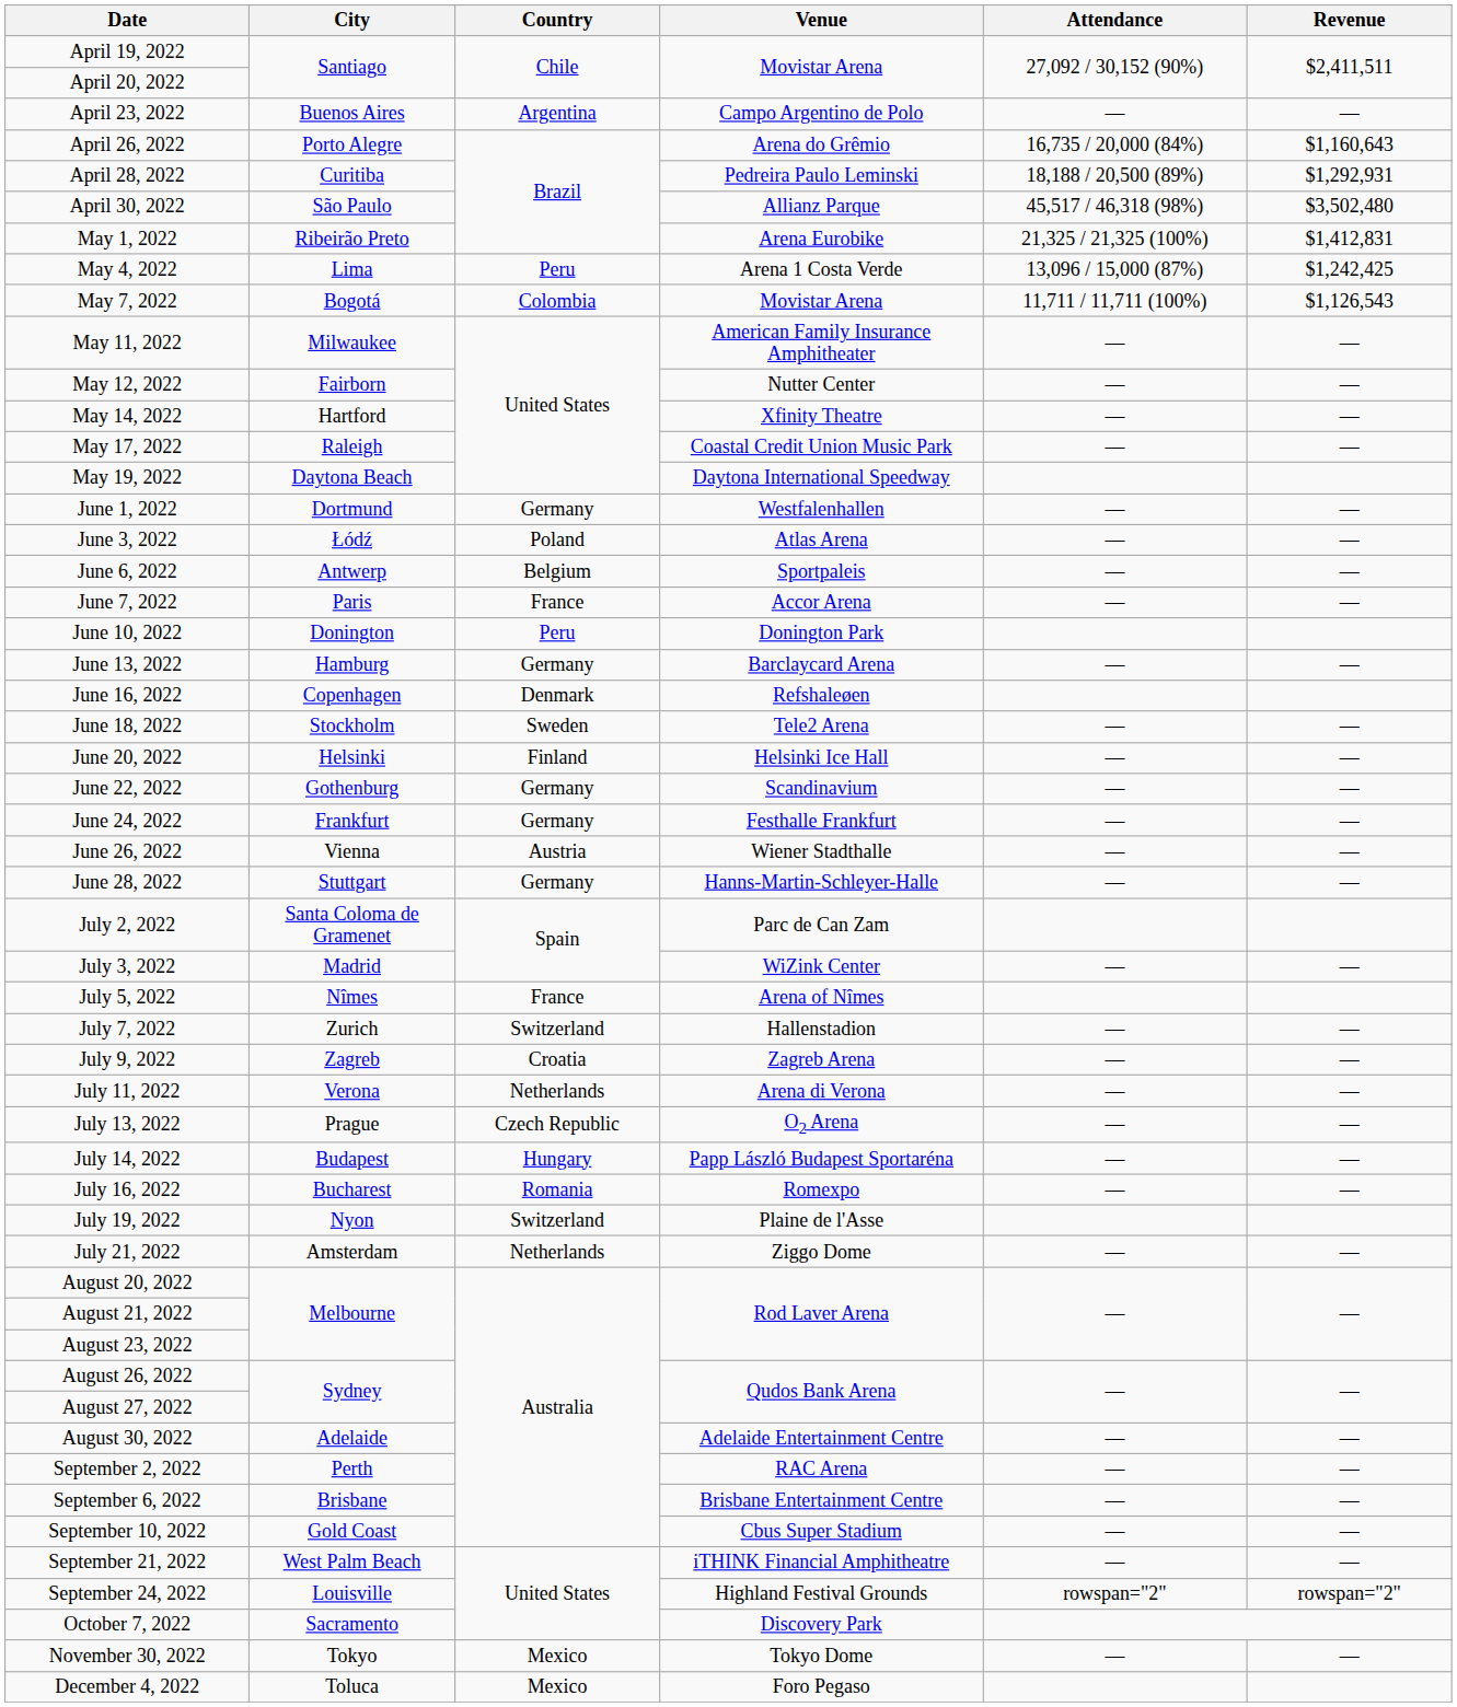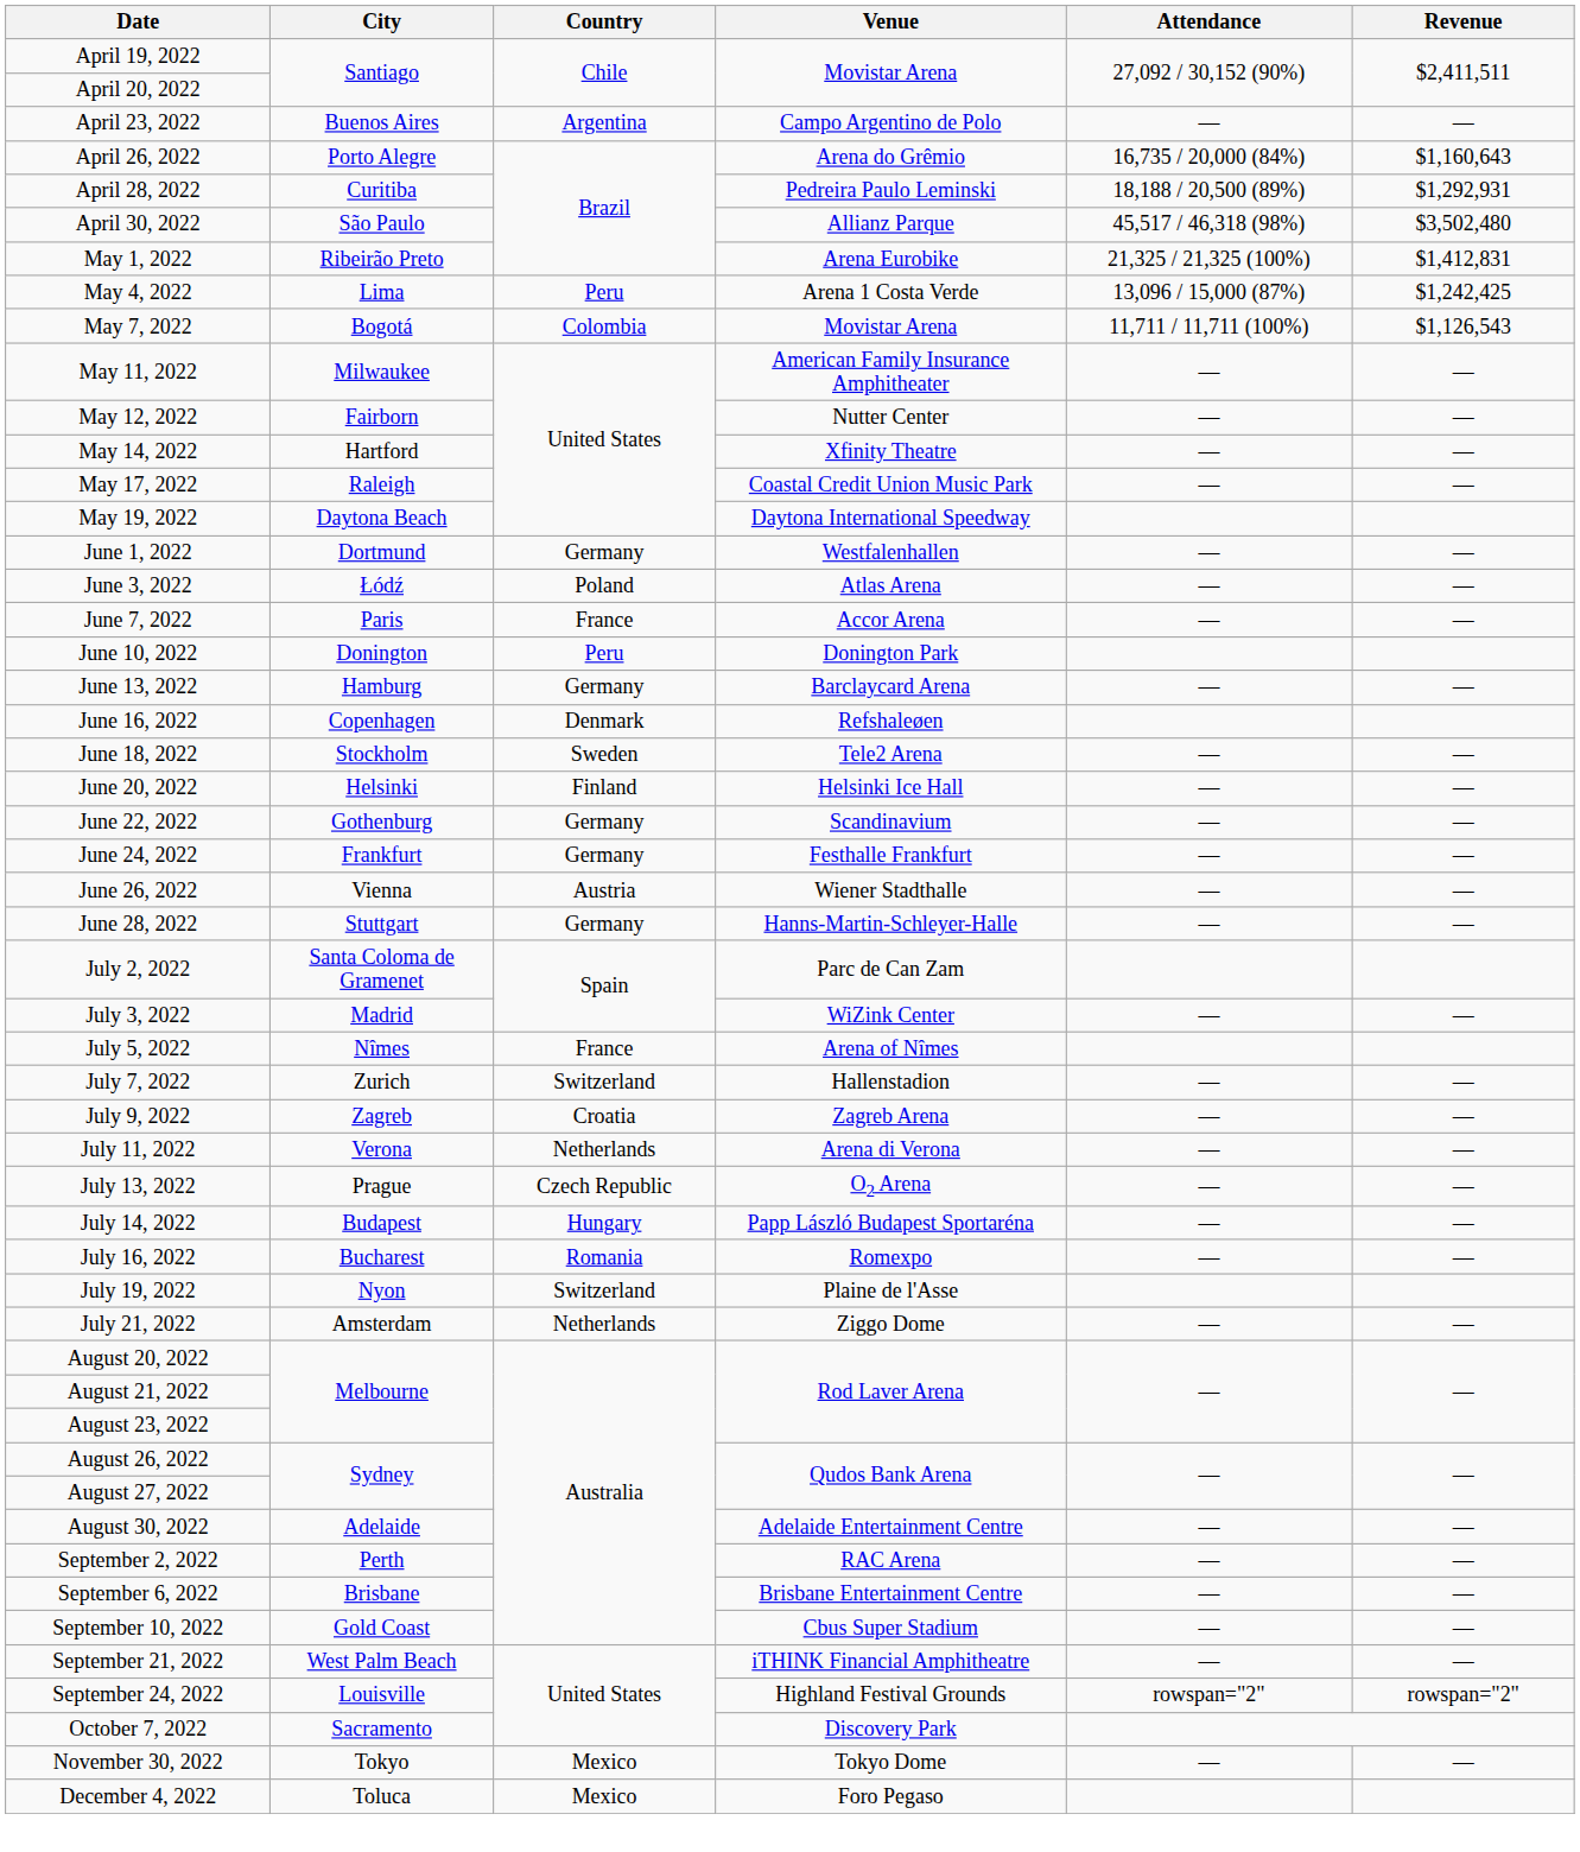 <table class="wikitable plainrowheaders" style="text-align:center;">
 <tr>
 <th scope="col" style="width:12em;">Date</th>
 <th scope="col" style="width:10em;">City</th>
 <th scope="col" style="width:10em;">Country</th>
 <th scope="col" style="width:16em;">Venue</th>
 <th scope="col" style="width:13em;">Attendance</th>
 <th scope="col" style="width:10em;">Revenue</th>
 </tr>
 <tr>
 <td>April 19, 2022</td>
 <td rowspan="2"><a href='#'>Santiago</a></td>
 <td rowspan="2"><a href='#'>Chile</a></td>
 <td rowspan="2"><a href='#'>Movistar Arena</a></td>
 <td rowspan="2">27,092 / 30,152 (90%)</td>
 <td rowspan="2">$2,411,511</td>
 </tr>
 <tr>
 <td>April 20, 2022</td>
 </tr>
 <tr>
 <td>April 23, 2022</td>
 <td><a href='#'>Buenos Aires</a></td>
 <td><a href='#'>Argentina</a></td>
 <td><a href='#'>Campo Argentino de Polo</a></td>
 <td>—</td>
 <td>—</td>
 </tr>
 <tr>
 <td>April 26, 2022</td>
 <td><a href='#'>Porto Alegre</a></td>
 <td rowspan="4"><a href='#'>Brazil</a></td>
 <td><a href='#'>Arena do Grêmio</a></td>
 <td>16,735 / 20,000 (84%)</td>
 <td>$1,160,643</td>
 </tr>
 <tr>
 <td>April 28, 2022</td>
 <td><a href='#'>Curitiba</a></td>
 <td><a href='#'>Pedreira Paulo Leminski</a></td>
 <td>18,188 / 20,500 (89%)</td>
 <td>$1,292,931</td>
 </tr>
 <tr>
 <td>April 30, 2022</td>
 <td><a href='#'>São Paulo</a></td>
 <td><a href='#'>Allianz Parque</a></td>
 <td>45,517 / 46,318 (98%)</td>
 <td>$3,502,480</td>
 </tr>
 <tr>
 <td>May 1, 2022</td>
 <td><a href='#'>Ribeirão Preto</a></td>
 <td><a href='#'>Arena Eurobike</a></td>
 <td>21,325 / 21,325 (100%)</td>
 <td>$1,412,831</td>
 </tr>
 <tr>
 <td>May 4, 2022</td>
 <td><a href='#'>Lima</a></td>
 <td><a href='#'>Peru</a></td>
 <td>Arena 1 Costa Verde</td>
 <td>13,096 / 15,000 (87%)</td>
 <td>$1,242,425</td>
 </tr>
 <tr>
 <td>May 7, 2022</td>
 <td><a href='#'>Bogotá</a></td>
 <td><a href='#'>Colombia</a></td>
 <td><a href='#'>Movistar Arena</a></td>
 <td>11,711 / 11,711 (100%)</td>
 <td>$1,126,543</td>
 </tr>
 <tr>
 <td>May 11, 2022</td>
 <td><a href='#'>Milwaukee</a></td>
 <td rowspan="5">United States</td>
 <td><a href='#'>American Family Insurance Amphitheater</a></td>
 <td>—</td>
 <td>—</td>
 </tr>
 <tr>
 <td>May 12, 2022</td>
 <td><a href='#'>Fairborn</a></td>
 <td>Nutter Center</td>
 <td>—</td>
 <td>—</td>
 </tr>
 <tr>
 <td>May 14, 2022</td>
 <td>Hartford</td>
 <td><a href='#'>Xfinity Theatre</a></td>
 <td>—</td>
 <td>—</td>
 </tr>
 <tr>
 <td>May 17, 2022</td>
 <td><a href='#'>Raleigh</a></td>
 <td><a href='#'>Coastal Credit Union Music Park</a></td>
 <td>—</td>
 <td>—</td>
 </tr>
 <tr>
 <td>May 19, 2022 </td>
 <td><a href='#'>Daytona Beach</a></td>
 <td><a href='#'>Daytona International Speedway</a></td>
 <td></td>
 <td></td>
 </tr>
 <tr>
 <td>June 1, 2022</td>
 <td><a href='#'>Dortmund</a></td>
 <td>Germany</td>
 <td><a href='#'>Westfalenhallen</a></td>
 <td>—</td>
 <td>—</td>
 </tr>
 <tr>
 <td>June 3, 2022</td>
 <td><a href='#'>Łódź</a></td>
 <td>Poland</td>
 <td><a href='#'>Atlas Arena</a></td>
-<td>—</td>
-<td>—</td>
-</tr>
-<tr>
-<td>June 6, 2022</td>
-<td><a href='#'>Antwerp</a></td>
-<td>Belgium</td>
-<td><a href='#'>Sportpaleis</a></td>
 <td>—</td>
 <td>—</td>
 </tr>
 <tr>
 <td>June 7, 2022</td>
 <td><a href='#'>Paris</a></td>
 <td>France</td>
 <td><a href='#'>Accor Arena</a></td>
 <td>—</td>
 <td>—</td>
 </tr>
 <tr>
 <td>June 10, 2022 </td>
 <td><a href='#'>Donington</a></td>
 <td><a href='#'>Peru</a></td>
 <td><a href='#'>Donington Park</a></td>
 <td></td>
 <td></td>
 </tr>
 <tr>
 <td>June 13, 2022</td>
 <td><a href='#'>Hamburg</a></td>
 <td>Germany</td>
 <td><a href='#'>Barclaycard Arena</a></td>
 <td>—</td>
 <td>—</td>
 </tr>
 <tr>
 <td>June 16, 2022 </td>
 <td><a href='#'>Copenhagen</a></td>
 <td>Denmark</td>
 <td><a href='#'>Refshaleøen</a></td>
 <td></td>
 <td></td>
 </tr>
 <tr>
 <td>June 18, 2022</td>
 <td><a href='#'>Stockholm</a></td>
 <td>Sweden</td>
 <td><a href='#'>Tele2 Arena</a></td>
 <td>—</td>
 <td>—</td>
 </tr>
 <tr>
 <td>June 20, 2022</td>
 <td><a href='#'>Helsinki</a></td>
 <td>Finland</td>
 <td><a href='#'>Helsinki Ice Hall</a></td>
 <td>—</td>
 <td>—</td>
 </tr>
 <tr>
 <td>June 22, 2022</td>
 <td><a href='#'>Gothenburg</a></td>
 <td>Germany</td>
 <td><a href='#'>Scandinavium</a></td>
 <td>—</td>
 <td>—</td>
 </tr>
 <tr>
 <td>June 24, 2022</td>
 <td><a href='#'>Frankfurt</a></td>
 <td>Germany</td>
 <td><a href='#'>Festhalle Frankfurt</a></td>
 <td>—</td>
 <td>—</td>
 </tr>
 <tr>
 <td>June 26, 2022</td>
 <td>Vienna</td>
 <td>Austria</td>
 <td>Wiener Stadthalle</td>
 <td>—</td>
 <td>—</td>
 </tr>
 <tr>
 <td>June 28, 2022</td>
 <td><a href='#'>Stuttgart</a></td>
 <td>Germany</td>
 <td><a href='#'>Hanns-Martin-Schleyer-Halle</a></td>
 <td>—</td>
 <td>—</td>
 </tr>
 <tr>
 <td>July 2, 2022 </td>
 <td><a href='#'>Santa Coloma de Gramenet</a></td>
 <td rowspan="2">Spain</td>
 <td>Parc de Can Zam</td>
 <td></td>
 <td></td>
 </tr>
 <tr>
 <td>July 3, 2022</td>
 <td><a href='#'>Madrid</a></td>
 <td><a href='#'>WiZink Center</a></td>
 <td>—</td>
 <td>—</td>
 </tr>
 <tr>
 <td>July 5, 2022 </td>
 <td><a href='#'>Nîmes</a></td>
 <td>France</td>
 <td><a href='#'>Arena of Nîmes</a></td>
 <td></td>
 <td></td>
 </tr>
 <tr>
 <td>July 7, 2022</td>
 <td>Zurich</td>
 <td>Switzerland</td>
 <td>Hallenstadion</td>
 <td>—</td>
 <td>—</td>
 </tr>
 <tr>
 <td>July 9, 2022</td>
 <td><a href='#'>Zagreb</a></td>
 <td>Croatia</td>
 <td><a href='#'>Zagreb Arena</a></td>
 <td>—</td>
 <td>—</td>
 </tr>
 <tr>
 <td>July 11, 2022</td>
 <td><a href='#'>Verona</a></td>
 <td>Netherlands</td>
 <td><a href='#'>Arena di Verona</a></td>
 <td>—</td>
 <td>—</td>
 </tr>
 <tr>
 <td>July 13, 2022</td>
 <td>Prague</td>
 <td>Czech Republic</td>
 <td><a href='#'>O<sub>2</sub> Arena</a></td>
 <td>—</td>
 <td>—</td>
 </tr>
 <tr>
 <td>July 14, 2022</td>
 <td><a href='#'>Budapest</a></td>
 <td><a href='#'>Hungary</a></td>
 <td><a href='#'>Papp László Budapest Sportaréna</a></td>
 <td>—</td>
 <td>—</td>
 </tr>
 <tr>
 <td>July 16, 2022 </td>
 <td><a href='#'>Bucharest</a></td>
 <td><a href='#'>Romania</a></td>
 <td><a href='#'>Romexpo</a></td>
 <td>—</td>
 <td>—</td>
 </tr>
 <tr>
 <td>July 19, 2022 </td>
 <td><a href='#'>Nyon</a></td>
 <td>Switzerland</td>
 <td>Plaine de l'Asse</td>
 <td></td>
 <td></td>
 </tr>
 <tr>
 <td>July 21, 2022</td>
 <td>Amsterdam</td>
 <td>Netherlands</td>
 <td>Ziggo Dome</td>
 <td>—</td>
 <td>—</td>
 </tr>
 <tr>
 <td>August 20, 2022</td>
 <td rowspan="3"><a href='#'>Melbourne</a></td>
 <td rowspan="9">Australia</td>
 <td rowspan="3"><a href='#'>Rod Laver Arena</a></td>
 <td rowspan="3">—</td>
 <td rowspan="3">—</td>
 </tr>
 <tr>
 <td>August 21, 2022</td>
 </tr>
 <tr>
 <td>August 23, 2022</td>
 </tr>
 <tr>
 <td>August 26, 2022</td>
 <td rowspan="2"><a href='#'>Sydney</a></td>
 <td rowspan="2"><a href='#'>Qudos Bank Arena</a></td>
 <td rowspan="2">—</td>
 <td rowspan="2">—</td>
 </tr>
 <tr>
 <td>August 27, 2022</td>
 </tr>
 <tr>
 <td>August 30, 2022</td>
 <td><a href='#'>Adelaide</a></td>
 <td><a href='#'>Adelaide Entertainment Centre</a></td>
 <td>—</td>
 <td>—</td>
 </tr>
 <tr>
 <td>September 2, 2022</td>
 <td><a href='#'>Perth</a></td>
 <td><a href='#'>RAC Arena</a></td>
 <td>—</td>
 <td>—</td>
 </tr>
 <tr>
 <td>September 6, 2022</td>
 <td><a href='#'>Brisbane</a></td>
 <td><a href='#'>Brisbane Entertainment Centre</a></td>
 <td>—</td>
 <td>—</td>
 </tr>
 <tr>
 <td>September 10, 2022</td>
 <td><a href='#'>Gold Coast</a></td>
 <td><a href='#'>Cbus Super Stadium</a></td>
 <td>—</td>
 <td>—</td>
 </tr>
 <tr>
 <td>September 21, 2022</td>
 <td><a href='#'>West Palm Beach</a></td>
 <td rowspan="3">United States</td>
 <td><a href='#'>iTHINK Financial Amphitheatre</a></td>
 <td>—</td>
 <td>—</td>
 </tr>
 <tr>
 <td>September 24, 2022 </td>
 <td><a href='#'>Louisville</a></td>
 <td>Highland Festival Grounds</td>
 <td>rowspan="2" </td>
 <td>rowspan="2" </td>
 </tr>
 <tr>
 <td>October 7, 2022 </td>
 <td><a href='#'>Sacramento</a></td>
 <td><a href='#'>Discovery Park</a></td>
 </tr>
 <tr>
 <td>November 30, 2022</td>
 <td>Tokyo</td>
 <td>Mexico</td>
 <td>Tokyo Dome</td>
 <td>—</td>
 <td>—</td>
 </tr>
 <tr>
 <td>December 4, 2022 </td>
 <td>Toluca</td>
 <td>Mexico</td>
 <td>Foro Pegaso</td>
 <td></td>
 <td></td>
 </tr>
 </table>
